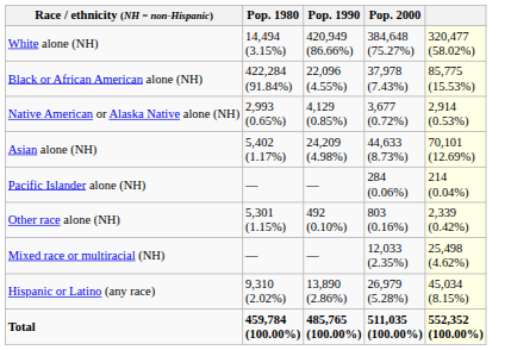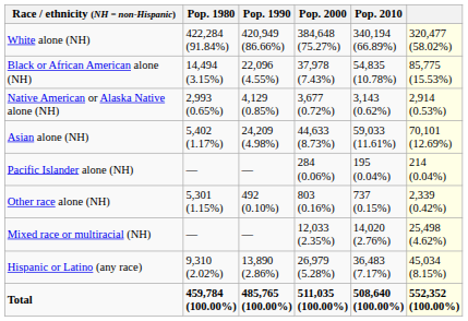 <table class="wikitable sortable collapsible" style="font-size: 95%;">
 <tr>
 <th>Race / ethnicity <small>(<em>NH = non-Hispanic</em>)</small></th>
 <th>Pop. 1980</th>
 <th>Pop. 1990</th>
 <th>Pop. 2000</th>
+<th>Pop. 2010</th>
 <th></th>
 </tr>
 <tr>
 <td><a href='#'>White</a> alone (NH)</td>
-<td>14,494<br>(3.15%)</td>
+<td>422,284<br>(91.84%)</td>
 <td>420,949<br>(86.66%)</td>
 <td>384,648<br>(75.27%)</td>
+<td>340,194<br>(66.89%)</td>
 <td style='background: #ffffe6;'>320,477<br>(58.02%)</td>
 </tr>
 <tr>
 <td><a href='#'>Black or African American</a> alone (NH)</td>
-<td>422,284<br>(91.84%)</td>
+<td>14,494<br>(3.15%)</td>
 <td>22,096<br>(4.55%)</td>
 <td>37,978<br>(7.43%)</td>
+<td>54,835<br>(10.78%)</td>
 <td style='background: #ffffe6;'>85,775<br>(15.53%)</td>
 </tr>
 <tr>
 <td><a href='#'>Native American</a> or <a href='#'>Alaska Native</a> alone (NH)</td>
 <td>2,993<br>(0.65%)</td>
 <td>4,129<br>(0.85%)</td>
 <td>3,677<br>(0.72%)</td>
+<td>3,143<br>(0.62%)</td>
 <td style='background: #ffffe6;'>2,914<br>(0.53%)</td>
 </tr>
 <tr>
 <td><a href='#'>Asian</a> alone (NH)</td>
 <td>5,402<br>(1.17%)</td>
 <td>24,209<br>(4.98%)</td>
 <td>44,633<br>(8.73%)</td>
+<td>59,033<br>(11.61%)</td>
 <td style='background: #ffffe6;'>70,101<br>(12.69%)</td>
 </tr>
 <tr>
 <td><a href='#'>Pacific Islander</a> alone (NH)</td>
 <td>—</td>
 <td>—</td>
 <td>284<br>(0.06%)</td>
+<td>195<br>(0.04%)</td>
 <td style='background: #ffffe6;'>214<br>(0.04%)</td>
 </tr>
 <tr>
 <td><a href='#'>Other race</a> alone (NH)</td>
 <td>5,301<br>(1.15%)</td>
 <td>492<br>(0.10%)</td>
 <td>803<br>(0.16%)</td>
+<td>737<br>(0.15%)</td>
 <td style='background: #ffffe6;'>2,339<br>(0.42%)</td>
 </tr>
 <tr>
 <td><a href='#'>Mixed race or multiracial</a> (NH)</td>
 <td>—</td>
 <td>—</td>
 <td>12,033<br>(2.35%)</td>
+<td>14,020<br>(2.76%)</td>
 <td style='background: #ffffe6;'>25,498<br>(4.62%)</td>
 </tr>
 <tr>
 <td><a href='#'>Hispanic or Latino</a> (any race)</td>
 <td>9,310<br>(2.02%)</td>
 <td>13,890<br>(2.86%)</td>
 <td>26,979<br>(5.28%)</td>
+<td>36,483<br>(7.17%)</td>
 <td style='background: #ffffe6;'>45,034<br>(8.15%)</td>
 </tr>
 <tr>
 <td><strong>Total</strong></td>
 <td><strong>459,784<br>(100.00%)</strong></td>
 <td><strong>485,765<br>(100.00%)</strong></td>
 <td><strong>511,035<br>(100.00%)</strong></td>
+<td><strong>508,640<br>(100.00%)</strong></td>
 <td style='background: #ffffe6;'><strong>552,352<br>(100.00%)</strong></td>
 </tr>
 </table>
